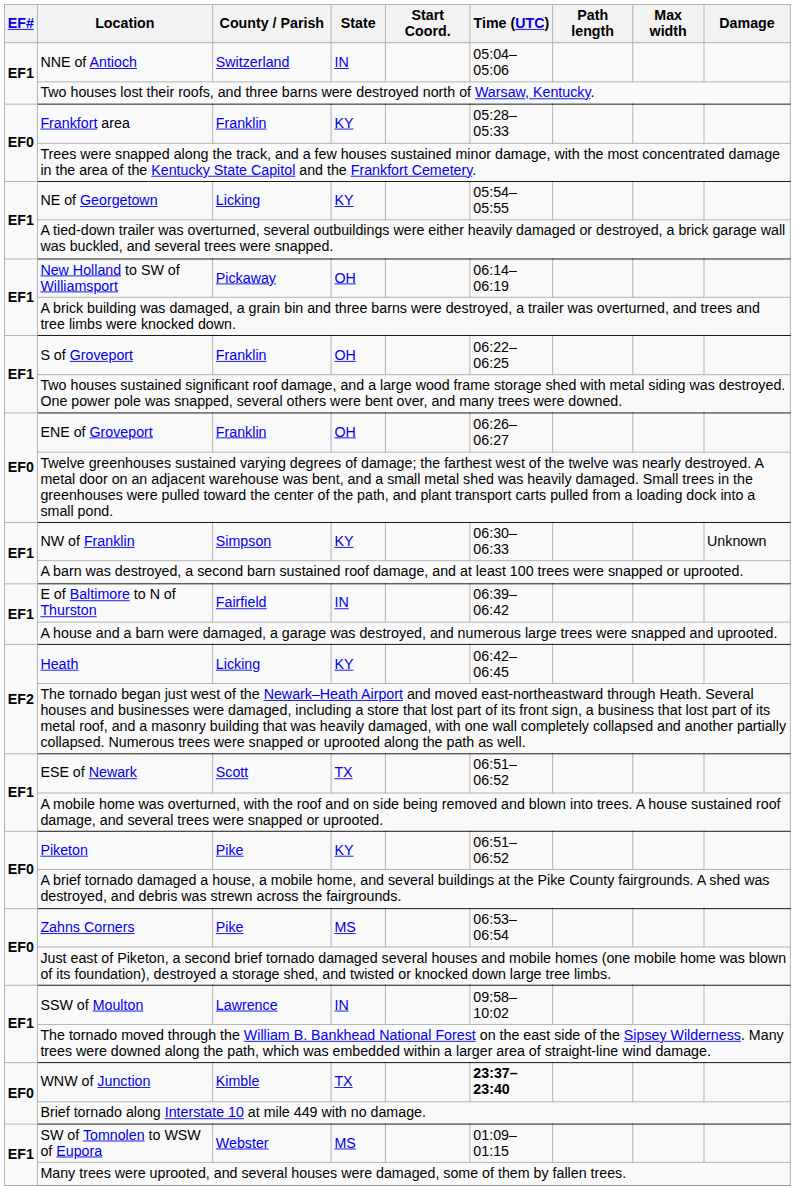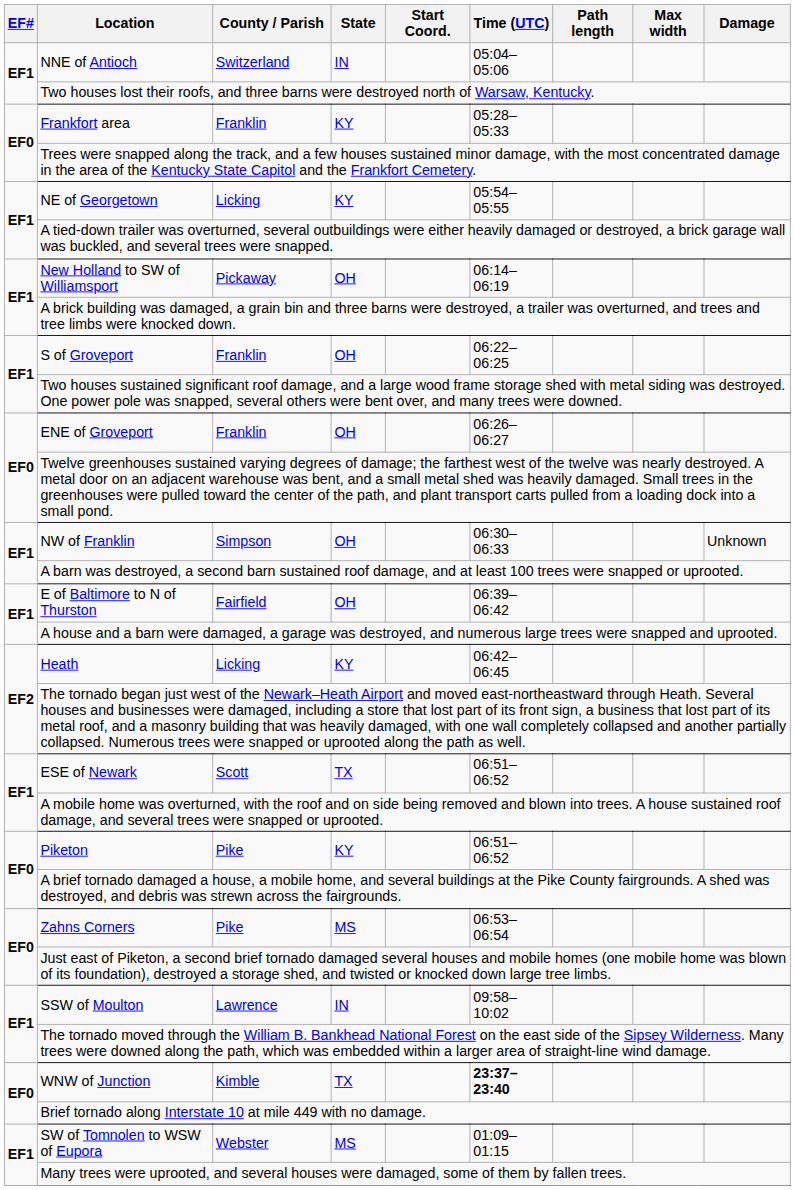 <table class="wikitable sortable" style="width:100%;">
 <tr>
 <th scope="col" width="2%" align="center"><a href='#'>EF#</a></th>
 <th scope="col" align="center" class="unsortable">Location</th>
 <th scope="col" align="center" class="unsortable">County / Parish</th>
 <th scope="col" align="center">State</th>
 <th scope="col" align="center" data-sort-type="number">Start Coord.</th>
 <th scope="col" align="center" data-sort-type="number">Time (<a href='#'>UTC</a>)</th>
 <th scope="col" align="center" data-sort-type="number">Path length</th>
 <th scope="col" align="center" data-sort-type="number">Max width</th>
 <th scope="col" align="center" data-sort-type="number">Damage<br></th>
 </tr>
 <tr>
 <td rowspan="2" align="center"><strong>EF1</strong></td>
 <td>NNE of <a href='#'>Antioch</a></td>
 <td><a href='#'>Switzerland</a></td>
 <td><a href='#'>IN</a></td>
 <td></td>
 <td>05:04–05:06</td>
 <td></td>
 <td></td>
 <td></td>
 </tr>
 <tr class="expand-child">
 <td colspan="8" style=" border-bottom: 1px solid black;">Two houses lost their roofs, and three barns were destroyed north of <a href='#'>Warsaw, Kentucky</a>.</td>
 </tr>
 <tr>
 <td rowspan="2" align="center"><strong>EF0</strong></td>
 <td><a href='#'>Frankfort</a> area</td>
 <td><a href='#'>Franklin</a></td>
 <td><a href='#'>KY</a></td>
 <td></td>
 <td>05:28–05:33</td>
 <td></td>
 <td></td>
 <td></td>
 </tr>
 <tr class="expand-child">
 <td colspan="8" style=" border-bottom: 1px solid black;">Trees were snapped along the track, and a few houses sustained minor damage, with the most concentrated damage in the area of the <a href='#'>Kentucky State Capitol</a> and the <a href='#'>Frankfort Cemetery</a>.</td>
 </tr>
 <tr>
 <td rowspan="2" align="center"><strong>EF1</strong></td>
 <td>NE of <a href='#'>Georgetown</a></td>
 <td><a href='#'>Licking</a></td>
 <td><a href='#'>KY</a></td>
 <td></td>
 <td>05:54–05:55</td>
 <td></td>
 <td></td>
 <td></td>
 </tr>
 <tr class="expand-child">
 <td colspan="8" style=" border-bottom: 1px solid black;">A tied-down trailer was overturned, several outbuildings were either heavily damaged or destroyed, a brick garage wall was buckled, and several trees were snapped.</td>
 </tr>
 <tr>
 <td rowspan="2" align="center"><strong>EF1</strong></td>
 <td><a href='#'>New Holland</a> to SW of <a href='#'>Williamsport</a></td>
 <td><a href='#'>Pickaway</a></td>
 <td><a href='#'>OH</a></td>
 <td></td>
 <td>06:14–06:19</td>
 <td></td>
 <td></td>
 <td></td>
 </tr>
 <tr class="expand-child">
 <td colspan="8" style=" border-bottom: 1px solid black;">A brick building was damaged, a grain bin and three barns were destroyed, a trailer was overturned, and trees and tree limbs were knocked down.</td>
 </tr>
 <tr>
 <td rowspan="2" align="center"><strong>EF1</strong></td>
 <td>S of <a href='#'>Groveport</a></td>
 <td><a href='#'>Franklin</a></td>
 <td><a href='#'>OH</a></td>
 <td></td>
 <td>06:22–06:25</td>
 <td></td>
 <td></td>
 <td></td>
 </tr>
 <tr class="expand-child">
 <td colspan="8" style=" border-bottom: 1px solid black;">Two houses sustained significant roof damage, and a large wood frame storage shed with metal siding was destroyed. One power pole was snapped, several others were bent over, and many trees were downed.</td>
 </tr>
 <tr>
 <td rowspan="2" align="center"><strong>EF0</strong></td>
 <td>ENE of <a href='#'>Groveport</a></td>
 <td><a href='#'>Franklin</a></td>
 <td><a href='#'>OH</a></td>
 <td></td>
 <td>06:26–06:27</td>
 <td></td>
 <td></td>
 <td></td>
 </tr>
 <tr class="expand-child">
 <td colspan="8" style=" border-bottom: 1px solid black;">Twelve greenhouses sustained varying degrees of damage; the farthest west of the twelve was nearly destroyed. A metal door on an adjacent warehouse was bent, and a small metal shed was heavily damaged. Small trees in the greenhouses were pulled toward the center of the path, and plant transport carts pulled from a loading dock into a small pond.</td>
 </tr>
 <tr>
 <td rowspan="2" align="center"><strong>EF1</strong></td>
 <td>NW of <a href='#'>Franklin</a></td>
 <td><a href='#'>Simpson</a></td>
-<td><a href='#'>KY</a></td>
+<td><a href='#'>OH</a></td>
 <td></td>
 <td>06:30–06:33</td>
 <td></td>
 <td></td>
 <td>Unknown</td>
 </tr>
 <tr class="expand-child">
 <td colspan="8" style=" border-bottom: 1px solid black;">A barn was destroyed, a second barn sustained roof damage, and at least 100 trees were snapped or uprooted.</td>
 </tr>
 <tr>
 <td rowspan="2" align="center"><strong>EF1</strong></td>
 <td>E of <a href='#'>Baltimore</a> to N of <a href='#'>Thurston</a></td>
 <td><a href='#'>Fairfield</a></td>
-<td><a href='#'>IN</a></td>
+<td><a href='#'>OH</a></td>
 <td></td>
 <td>06:39–06:42</td>
 <td></td>
 <td></td>
 <td></td>
 </tr>
 <tr class="expand-child">
 <td colspan="8" style=" border-bottom: 1px solid black;">A house and a barn were damaged, a garage was destroyed, and numerous large trees were snapped and uprooted.</td>
 </tr>
 <tr>
 <td rowspan="2" align="center"><strong>EF2</strong></td>
 <td><a href='#'>Heath</a></td>
 <td><a href='#'>Licking</a></td>
 <td><a href='#'>KY</a></td>
 <td></td>
 <td>06:42–06:45</td>
 <td></td>
 <td></td>
 <td></td>
 </tr>
 <tr class="expand-child">
 <td colspan="8" style=" border-bottom: 1px solid black;">The tornado began just west of the <a href='#'>Newark–Heath Airport</a> and moved east-northeastward through Heath. Several houses and businesses were damaged, including a store that lost part of its front sign, a business that lost part of its metal roof, and a masonry building that was heavily damaged, with one wall completely collapsed and another partially collapsed. Numerous trees were snapped or uprooted along the path as well.</td>
 </tr>
 <tr>
 <td rowspan="2" align="center"><strong>EF1</strong></td>
 <td>ESE of <a href='#'>Newark</a></td>
 <td><a href='#'>Scott</a></td>
 <td><a href='#'>TX</a></td>
 <td></td>
 <td>06:51–06:52</td>
 <td></td>
 <td></td>
 <td></td>
 </tr>
 <tr class="expand-child">
 <td colspan="8" style=" border-bottom: 1px solid black;">A mobile home was overturned, with the roof and on side being removed and blown into trees. A house sustained roof damage, and several trees were snapped or uprooted.</td>
 </tr>
 <tr>
 <td rowspan="2" align="center"><strong>EF0</strong></td>
 <td><a href='#'>Piketon</a></td>
 <td><a href='#'>Pike</a></td>
 <td><a href='#'>KY</a></td>
 <td></td>
 <td>06:51–06:52</td>
 <td></td>
 <td></td>
 <td></td>
 </tr>
 <tr class="expand-child">
 <td colspan="8" style=" border-bottom: 1px solid black;">A brief tornado damaged a house, a mobile home, and several buildings at the Pike County fairgrounds. A shed was destroyed, and debris was strewn across the fairgrounds.</td>
 </tr>
 <tr>
 <td rowspan="2" align="center"><strong>EF0</strong></td>
 <td><a href='#'>Zahns Corners</a></td>
 <td><a href='#'>Pike</a></td>
 <td><a href='#'>MS</a></td>
 <td></td>
 <td>06:53–06:54</td>
 <td></td>
 <td></td>
 <td></td>
 </tr>
 <tr class="expand-child">
 <td colspan="8" style=" border-bottom: 1px solid black;">Just east of Piketon, a second brief tornado damaged several houses and mobile homes (one mobile home was blown of its foundation), destroyed a storage shed, and twisted or knocked down large tree limbs.</td>
 </tr>
 <tr>
 <td rowspan="2" align="center"><strong>EF1</strong></td>
 <td>SSW of <a href='#'>Moulton</a></td>
 <td><a href='#'>Lawrence</a></td>
 <td><a href='#'>IN</a></td>
 <td></td>
 <td>09:58–10:02</td>
 <td></td>
 <td></td>
 <td></td>
 </tr>
 <tr class="expand-child">
 <td colspan="8" style=" border-bottom: 1px solid black;">The tornado moved through the <a href='#'>William B. Bankhead National Forest</a> on the east side of the <a href='#'>Sipsey Wilderness</a>. Many trees were downed along the path, which was embedded within a larger area of straight-line wind damage.</td>
 </tr>
 <tr>
 <td rowspan="2" align="center"><strong>EF0</strong></td>
 <td>WNW of <a href='#'>Junction</a></td>
 <td><a href='#'>Kimble</a></td>
 <td><a href='#'>TX</a></td>
 <td></td>
 <td><strong>23:37–23:40</strong></td>
 <td></td>
 <td></td>
 <td></td>
 </tr>
 <tr class="expand-child">
 <td colspan="8" style=" border-bottom: 1px solid black;">Brief tornado along <a href='#'>Interstate 10</a> at mile 449 with no damage.</td>
 </tr>
 <tr>
 <td rowspan="2" align="center"><strong>EF1</strong></td>
 <td>SW of <a href='#'>Tomnolen</a> to WSW of <a href='#'>Eupora</a></td>
 <td><a href='#'>Webster</a></td>
 <td><a href='#'>MS</a></td>
 <td></td>
 <td>01:09–01:15</td>
 <td></td>
 <td></td>
 <td></td>
 </tr>
 <tr class="expand-child">
 <td colspan="8" style=" border-bottom: 1px solid black;">Many trees were uprooted, and several houses were damaged, some of them by fallen trees.</td>
 </tr>
 <tr>
 </tr>
 </table>
